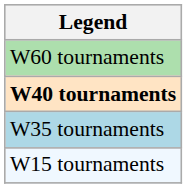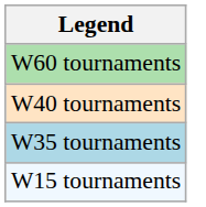 <table class="wikitable" style="font-size:85%">
 <tr>
 <th>Legend</th>
 </tr>
 <tr style="background:#addfad;">
 <td>W60 tournaments</td>
 </tr>
 <tr style="background:#ffe4c4;">
-<td><strong>W40 tournaments</strong></td>
+<td>W40 tournaments</td>
 </tr>
 <tr style="background:lightblue;">
 <td>W35 tournaments</td>
 </tr>
 <tr style="background:#f0f8ff;">
 <td>W15 tournaments</td>
 </tr>
 </table>
